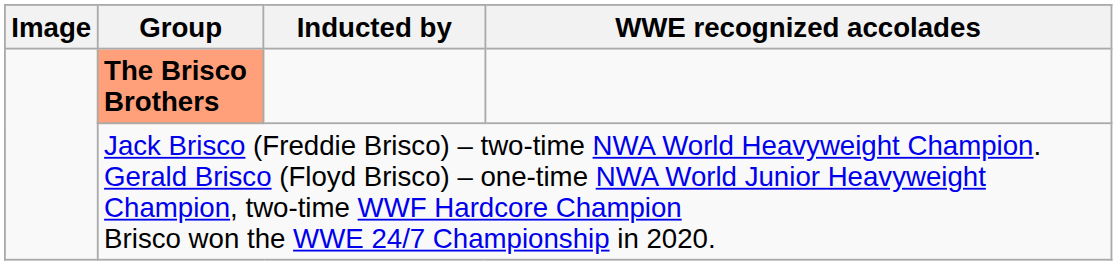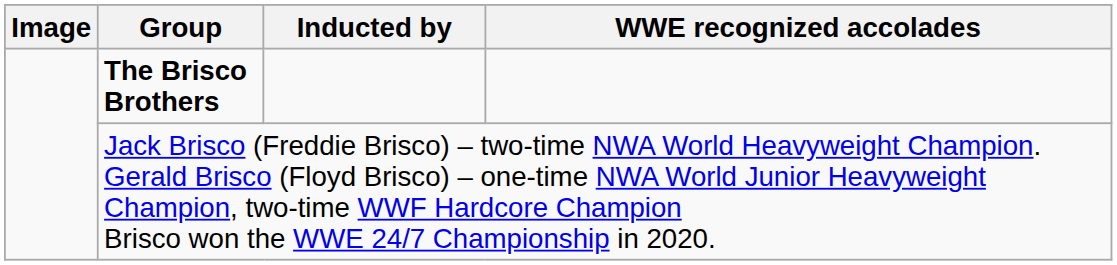 <table class="wikitable" style="font-size: 95%">
 <tr>
 <th style="width:1%;">Image</th>
 <th style="width:15%;">Group</th>
 <th style="width:20%;">Inducted by</th>
 <th class="unsortable">WWE recognized accolades</th>
 </tr>
 <tr>
 <td rowspan=2></td>
-<td style="background: lightsalmon;"><strong>The Brisco Brothers</strong></td>
+<td><strong>The Brisco Brothers</strong></td>
 <td></td>
 <td></td>
 </tr>
 <tr>
 <td colspan=4><a href='#'>Jack Brisco</a> (Freddie Brisco) – two-time <a href='#'>NWA World Heavyweight Champion</a>.<br><a href='#'>Gerald Brisco</a> (Floyd Brisco) – one-time <a href='#'>NWA World Junior Heavyweight Champion</a>, two-time <a href='#'>WWF Hardcore Champion</a><br>Brisco won the <a href='#'>WWE 24/7 Championship</a> in 2020.</td>
 </tr>
 </table>
